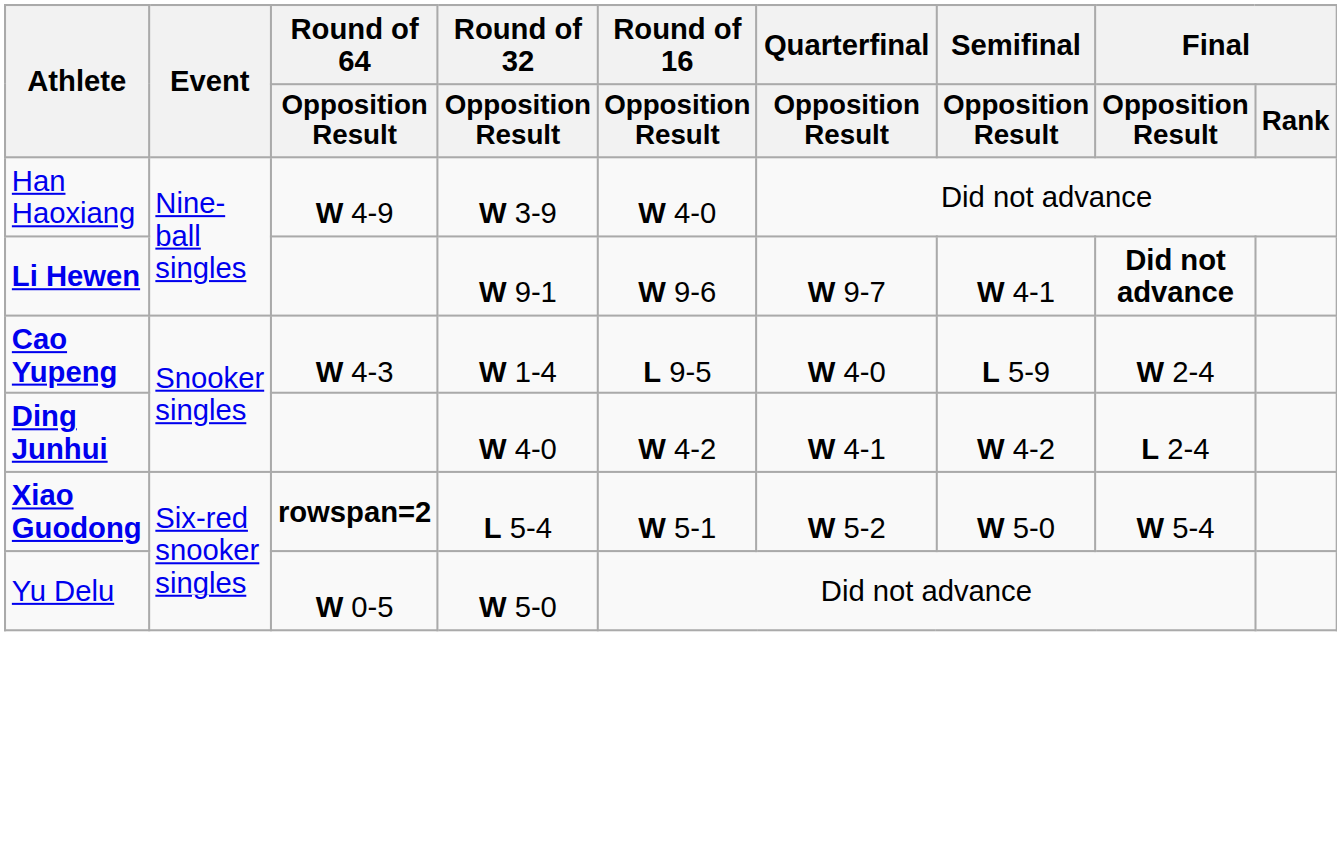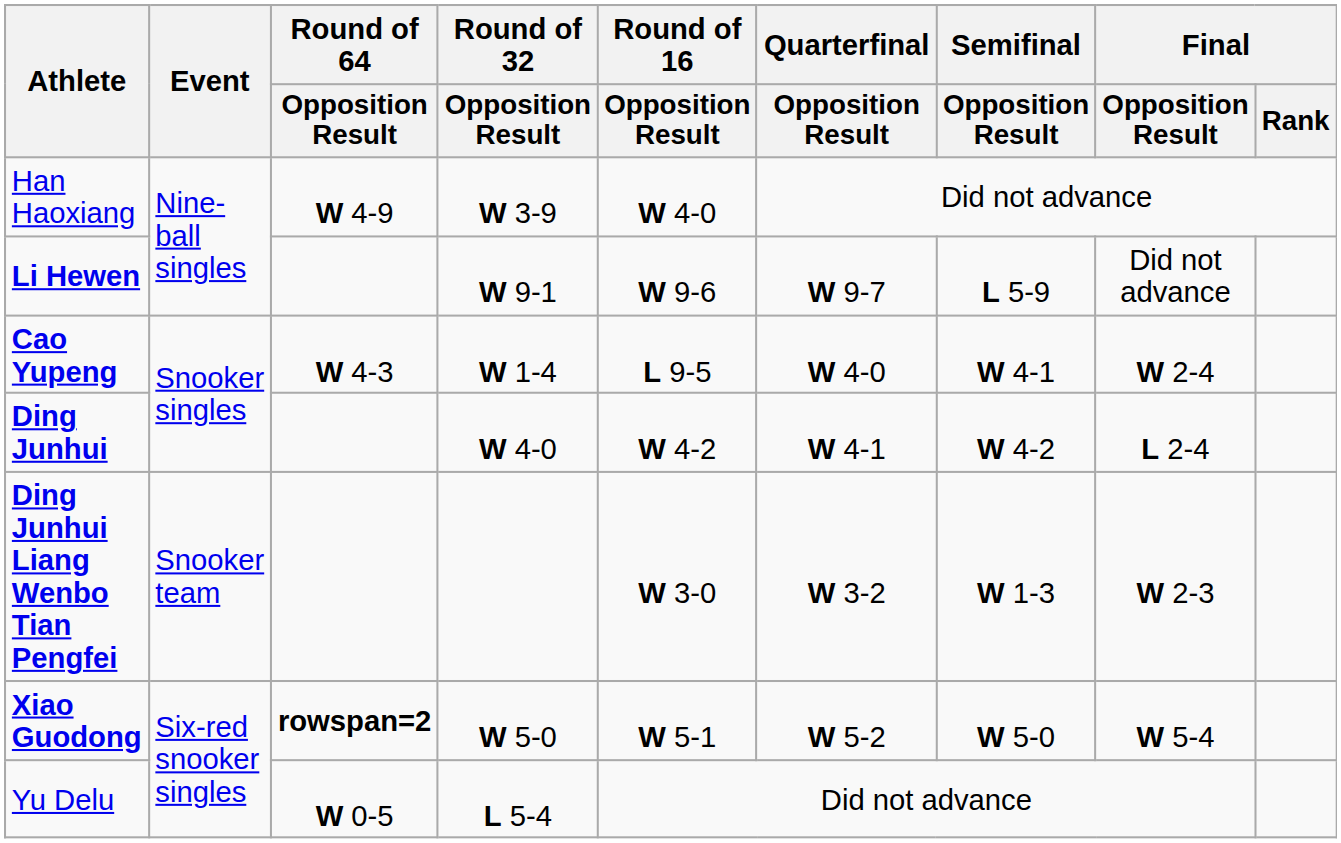 <table class=wikitable style=font-size:90%;text-align:center>
 <tr>
 <th rowspan=2>Athlete</th>
 <th rowspan=2>Event</th>
 <th>Round of 64</th>
 <th>Round of 32</th>
 <th>Round of 16</th>
 <th>Quarterfinal</th>
 <th>Semifinal</th>
 <th colspan=2>Final</th>
 </tr>
 <tr style=font-size:95%>
 <th>Opposition<br>Result</th>
 <th>Opposition<br>Result</th>
 <th>Opposition<br>Result</th>
 <th>Opposition<br>Result</th>
 <th>Opposition<br>Result</th>
 <th>Opposition<br>Result</th>
 <th>Rank</th>
 </tr>
 <tr>
 <td align=left><a href='#'>Han Haoxiang</a></td>
 <td align=left rowspan=2><a href='#'>Nine-ball singles</a></td>
 <td><br><strong>W</strong> 4-9</td>
 <td><br><strong>W</strong> 3-9</td>
 <td><br><strong>W</strong> 4-0</td>
 <td colspan=4>Did not advance</td>
 </tr>
 <tr>
 <td align=left><strong><a href='#'>Li Hewen</a></strong></td>
 <td></td>
 <td><br><strong>W</strong> 9-1</td>
 <td><br><strong>W</strong> 9-6</td>
 <td><br><strong>W</strong> 9-7</td>
-<td><br><strong>W</strong> 4-1</td>
-<td><strong>Did not advance</strong></td>
+<td><br><strong>L</strong> 5-9</td>
+<td>Did not advance</td>
 <td></td>
 </tr>
 <tr>
 <td align=left><strong><a href='#'>Cao Yupeng</a></strong></td>
 <td align=left rowspan=2><a href='#'>Snooker singles</a></td>
 <td><br><strong>W</strong> 4-3</td>
 <td><br><strong>W</strong> 1-4</td>
 <td><br><strong>L</strong> 9-5</td>
 <td><br><strong>W</strong> 4-0</td>
-<td><br><strong>L</strong> 5-9</td>
+<td><br><strong>W</strong> 4-1</td>
 <td><br><strong>W</strong> 2-4</td>
 <td></td>
 </tr>
 <tr>
 <td align=left><strong><a href='#'>Ding Junhui</a></strong></td>
 <td></td>
 <td><br><strong>W</strong> 4-0</td>
 <td><br><strong>W</strong> 4-2</td>
 <td><br><strong>W</strong> 4-1</td>
 <td><br><strong>W</strong> 4-2</td>
 <td><br><strong>L</strong> 2-4</td>
 <td></td>
 </tr>
 <tr>
+<td align=left><strong><a href='#'>Ding Junhui</a><br><a href='#'>Liang Wenbo</a><br><a href='#'>Tian Pengfei</a></strong></td>
+<td align=left><a href='#'>Snooker team</a></td>
+<td></td>
+<td></td>
+<td><br><strong>W</strong> 3-0</td>
+<td><br><strong>W</strong> 3-2</td>
+<td><br><strong>W</strong> 1-3</td>
+<td><br><strong>W</strong> 2-3</td>
+<td></td>
+</tr>
+<tr>
 <td align=left><strong><a href='#'>Xiao Guodong</a></strong></td>
 <td align=left rowspan=2><a href='#'>Six-red snooker singles</a></td>
 <td><strong>rowspan=2 </strong></td>
-<td><br><strong>L</strong> 5-4</td>
+<td><br><strong>W</strong> 5-0</td>
 <td><br><strong>W</strong> 5-1</td>
 <td><br><strong>W</strong> 5-2</td>
 <td><br><strong>W</strong> 5-0</td>
 <td><br><strong>W</strong> 5-4</td>
 <td></td>
 </tr>
 <tr>
 <td align=left><a href='#'>Yu Delu</a></td>
 <td><br><strong>W</strong> 0-5</td>
-<td><br><strong>W</strong> 5-0</td>
+<td><br><strong>L</strong> 5-4</td>
 <td colspan=4>Did not advance</td>
 </tr>
 </table>
